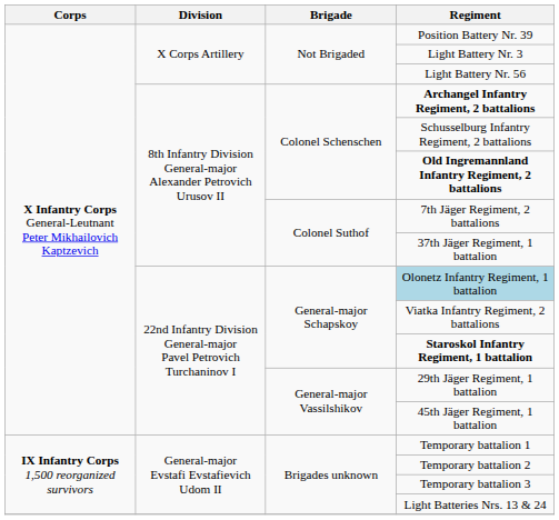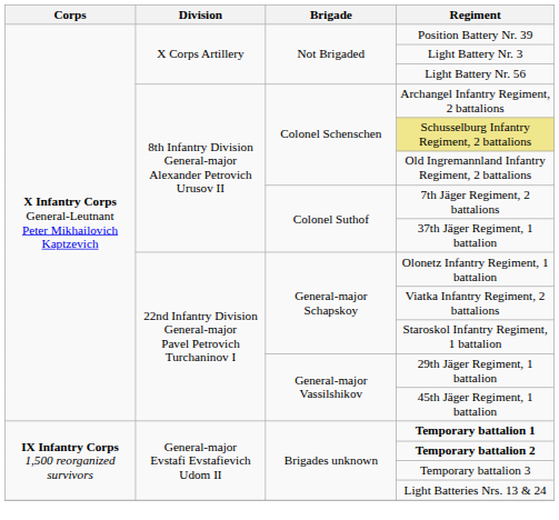 <table class="wikitable" style="text-align:center; width:80%;">
 <tr>
 <th width=19%>Corps</th>
 <th width=19%>Division</th>
 <th width=19%>Brigade</th>
 <th width=23%>Regiment</th>
 </tr>
 <tr>
 <td ROWSPAN=13><strong>X Infantry Corps</strong><br>General-Leutnant<br><a href='#'>Peter Mikhailovich Kaptzevich</a><br></td>
 <td ROWSPAN=3>X Corps Artillery</td>
 <td ROWSPAN=3>Not Brigaded</td>
 <td>Position Battery Nr. 39</td>
 </tr>
 <tr>
 <td>Light Battery Nr. 3</td>
 </tr>
 <tr>
 <td>Light Battery Nr. 56</td>
 </tr>
 <tr>
 <td ROWSPAN=5>8th Infantry Division<br>General-major<br>Alexander Petrovich Urusov II<br></td>
 <td ROWSPAN=3>Colonel Schenschen</td>
-<td><strong>Archangel Infantry Regiment, 2 battalions</strong></td>
+<td>Archangel Infantry Regiment, 2 battalions</td>
 </tr>
 <tr>
-<td>Schusselburg Infantry Regiment, 2 battalions</td>
+<td style="background: khaki;">Schusselburg Infantry Regiment, 2 battalions</td>
 </tr>
 <tr>
-<td><strong>Old Ingremannland Infantry Regiment, 2 battalions</strong></td>
+<td>Old Ingremannland Infantry Regiment, 2 battalions</td>
 </tr>
 <tr>
 <td ROWSPAN=2>Colonel Suthof</td>
 <td>7th Jäger Regiment, 2 battalions</td>
 </tr>
 <tr>
 <td>37th Jäger Regiment, 1 battalion</td>
 </tr>
 <tr>
 <td ROWSPAN=5>22nd Infantry Division<br>General-major<br>Pavel Petrovich Turchaninov I<br></td>
 <td ROWSPAN=3>General-major Schapskoy</td>
-<td style="background: lightblue;">Olonetz Infantry Regiment, 1 battalion</td>
+<td>Olonetz Infantry Regiment, 1 battalion</td>
 </tr>
 <tr>
 <td>Viatka Infantry Regiment, 2 battalions</td>
 </tr>
 <tr>
-<td><strong>Staroskol Infantry Regiment, 1 battalion</strong></td>
+<td>Staroskol Infantry Regiment, 1 battalion</td>
 </tr>
 <tr>
 <td ROWSPAN=2>General-major Vassilshikov</td>
 <td>29th Jäger Regiment, 1 battalion</td>
 </tr>
 <tr>
 <td>45th Jäger Regiment, 1 battalion</td>
 </tr>
 <tr>
 <td ROWSPAN=4><strong>IX Infantry Corps</strong><br><em>1,500 reorganized survivors</em></td>
 <td ROWSPAN=4>General-major<br>Evstafi Evstafievich Udom II<br></td>
 <td ROWSPAN=4>Brigades unknown</td>
-<td>Temporary battalion 1</td>
+<td><strong>Temporary battalion 1</strong></td>
 </tr>
 <tr>
-<td>Temporary battalion 2</td>
+<td><strong>Temporary battalion 2</strong></td>
 </tr>
 <tr>
 <td>Temporary battalion 3</td>
 </tr>
 <tr>
 <td>Light Batteries Nrs. 13 & 24</td>
 </tr>
 <tr>
 </tr>
 </table>
